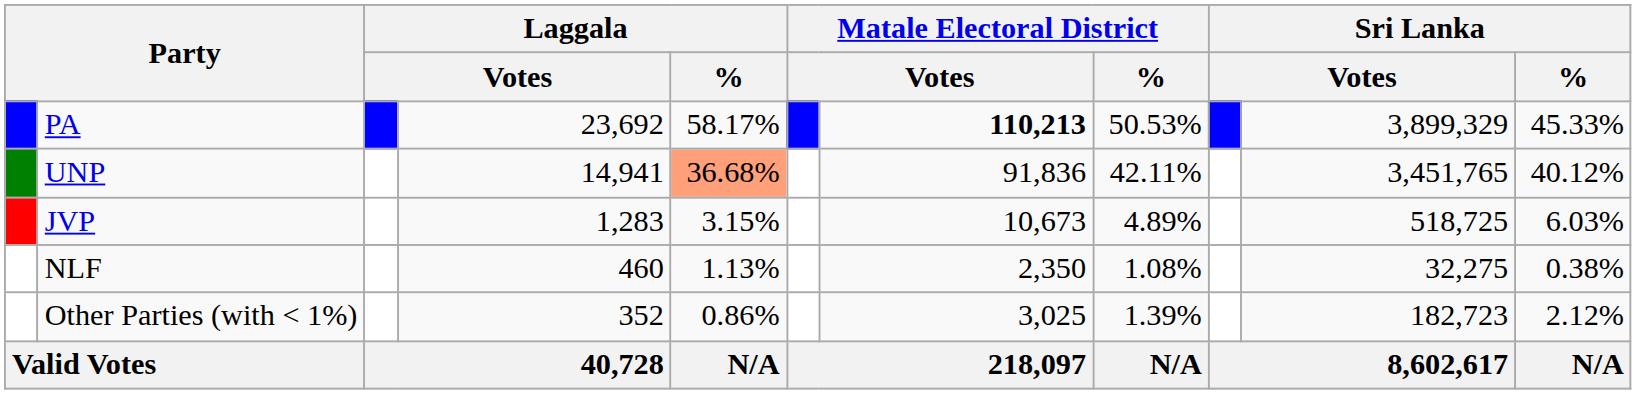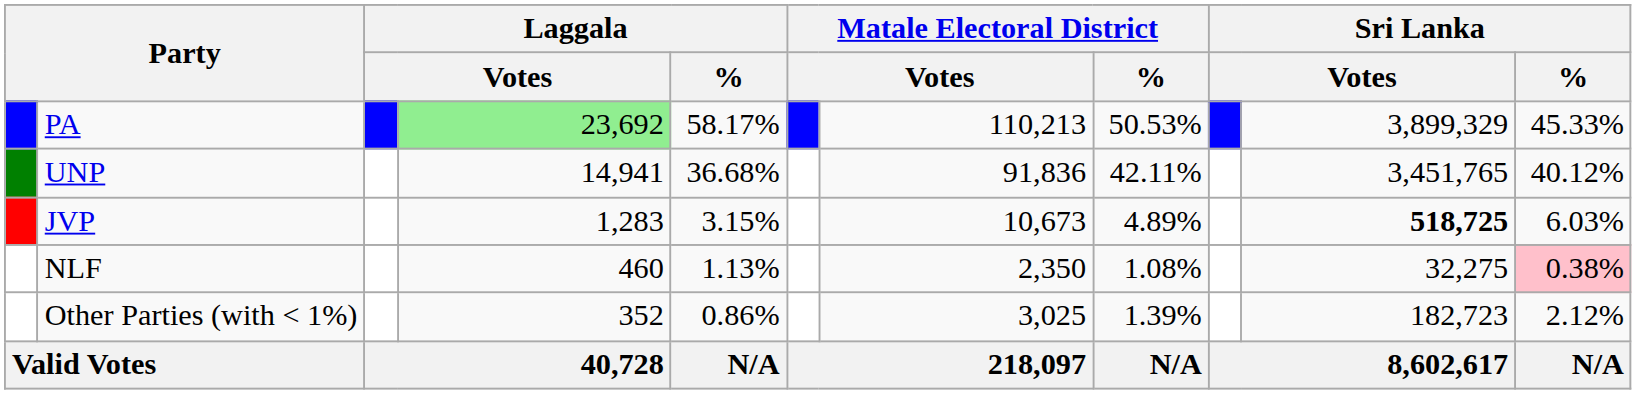 <table class="wikitable">
 <tr>
 <th colspan="2" width="144px"rowspan="2">Party</th>
 <th colspan="3" width="216px">Laggala</th>
 <th colspan="3" width="216px"><a href='#'>Matale Electoral District</a></th>
 <th colspan="3" width="216px">Sri Lanka</th>
 </tr>
 <tr>
 <th colspan="2" width="144px">Votes</th>
 <th>%</th>
 <th colspan="2" width="144px">Votes</th>
 <th>%</th>
 <th colspan="2" width="144px">Votes</th>
 <th>%</th>
 </tr>
 <tr>
 <td style="background-color:blue;" width="10px"></td>
 <td style="text-align:left;"><a href='#'>PA</a></td>
 <td style="background-color:blue;" width="10px"></td>
-<td style="text-align:right;">23,692</td>
+<td style="background: lightgreen; text-align:right;">23,692</td>
 <td style="text-align:right;">58.17%</td>
 <td style="background-color:blue;" width="10px"></td>
-<td style="text-align:right;"><strong>110,213</strong></td>
+<td style="text-align:right;">110,213</td>
 <td style="text-align:right;">50.53%</td>
 <td style="background-color:blue;" width="10px"></td>
 <td style="text-align:right;">3,899,329</td>
 <td style="text-align:right;">45.33%</td>
 </tr>
 <tr>
 <td style="background-color:green;" width="10px"></td>
 <td style="text-align:left;"><a href='#'>UNP</a></td>
 <td style="background-color:white;" width="10px"></td>
 <td style="text-align:right;">14,941</td>
-<td style="background: lightsalmon; text-align:right;">36.68%</td>
+<td style="text-align:right;">36.68%</td>
 <td style="background-color:white;" width="10px"></td>
 <td style="text-align:right;">91,836</td>
 <td style="text-align:right;">42.11%</td>
 <td style="background-color:white;" width="10px"></td>
 <td style="text-align:right;">3,451,765</td>
 <td style="text-align:right;">40.12%</td>
 </tr>
 <tr>
 <td style="background-color:red;" width="10px"></td>
 <td style="text-align:left;"><a href='#'>JVP</a></td>
 <td style="background-color:white;" width="10px"></td>
 <td style="text-align:right;">1,283</td>
 <td style="text-align:right;">3.15%</td>
 <td style="background-color:white;" width="10px"></td>
 <td style="text-align:right;">10,673</td>
 <td style="text-align:right;">4.89%</td>
 <td style="background-color:white;" width="10px"></td>
-<td style="text-align:right;">518,725</td>
+<td style="text-align:right;"><strong>518,725</strong></td>
 <td style="text-align:right;">6.03%</td>
 </tr>
 <tr>
 <td style="background-color:white;" width="10px"></td>
 <td style="text-align:left;">NLF</td>
 <td style="background-color:white;" width="10px"></td>
 <td style="text-align:right;">460</td>
 <td style="text-align:right;">1.13%</td>
 <td style="background-color:white;" width="10px"></td>
 <td style="text-align:right;">2,350</td>
 <td style="text-align:right;">1.08%</td>
 <td style="background-color:white;" width="10px"></td>
 <td style="text-align:right;">32,275</td>
-<td style="text-align:right;">0.38%</td>
+<td style="background: pink; text-align:right;">0.38%</td>
 </tr>
 <tr>
 <td style="background-color:white;" width="10px"></td>
 <td style="text-align:left;">Other Parties (with < 1%)</td>
 <td style="background-color:white;" width="10px"></td>
 <td style="text-align:right;">352</td>
 <td style="text-align:right;">0.86%</td>
 <td style="background-color:white;" width="10px"></td>
 <td style="text-align:right;">3,025</td>
 <td style="text-align:right;">1.39%</td>
 <td style="background-color:white;" width="10px"></td>
 <td style="text-align:right;">182,723</td>
 <td style="text-align:right;">2.12%</td>
 </tr>
 <tr>
 <th colspan="2" width="144px"style="text-align:left;">Valid Votes</th>
 <th style="text-align:right;"colspan="2" width="144px">40,728</th>
 <th style="text-align:right;">N/A</th>
 <th style="text-align:right;"colspan="2" width="144px">218,097</th>
 <th style="text-align:right;">N/A</th>
 <th style="text-align:right;"colspan="2" width="144px">8,602,617</th>
 <th style="text-align:right;">N/A</th>
 </tr>
 </table>
